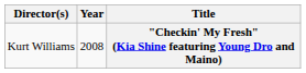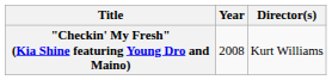 <table class="wikitable plainrowheaders" style="text-align:center;">
 <tr>
+<th scope="col" style="width:16em;">Title</th>
+<th scope="col">Year</th>
 <th scope="col">Director(s)</th>
-<th scope="col">Year</th>
-<th scope="col" style="width:16em;">Title</th>
 </tr>
 <tr>
+<th scope="row">"Checkin' My Fresh"<br><span>(<a href='#'>Kia Shine</a> featuring <a href='#'>Young Dro</a> and Maino)</span></th>
+<td>2008</td>
 <td>Kurt Williams</td>
-<td>2008</td>
-<th scope="row">"Checkin' My Fresh"<br><span>(<a href='#'>Kia Shine</a> featuring <a href='#'>Young Dro</a> and Maino)</span></th>
 </tr>
 </table>
